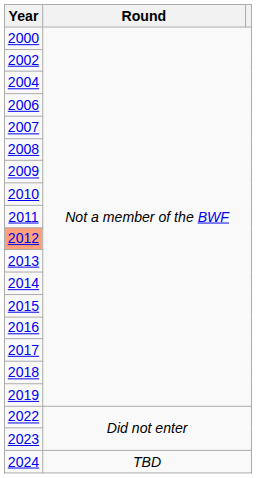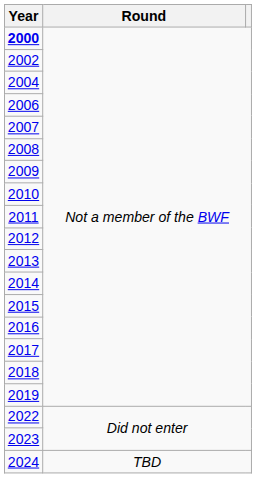 <table class="wikitable" style="text-align: center; font-size:90%">
 <tr>
 <th>Year</th>
 <th style="width:200px">Round</th>
 <th></th>
 </tr>
 <tr>
-<td><a href='#'>2000</a></td>
+<td><strong><a href='#'>2000</a></strong></td>
 <td colspan="2" rowspan="17"><em>Not a member of the <a href='#'>BWF</a></em></td>
 </tr>
 <tr>
 <td><a href='#'>2002</a></td>
 </tr>
 <tr>
 <td><a href='#'>2004</a></td>
 </tr>
 <tr>
 <td><a href='#'>2006</a></td>
 </tr>
 <tr>
 <td><a href='#'>2007</a></td>
 </tr>
 <tr>
 <td><a href='#'>2008</a></td>
 </tr>
 <tr>
 <td><a href='#'>2009</a></td>
 </tr>
 <tr>
 <td><a href='#'>2010</a></td>
 </tr>
 <tr>
 <td><a href='#'>2011</a></td>
 </tr>
 <tr>
-<td style="background: lightsalmon;"><a href='#'>2012</a></td>
+<td><a href='#'>2012</a></td>
 </tr>
 <tr>
 <td><a href='#'>2013</a></td>
 </tr>
 <tr>
 <td><a href='#'>2014</a></td>
 </tr>
 <tr>
 <td><a href='#'>2015</a></td>
 </tr>
 <tr>
 <td><a href='#'>2016</a></td>
 </tr>
 <tr>
 <td><a href='#'>2017</a></td>
 </tr>
 <tr>
 <td><a href='#'>2018</a></td>
 </tr>
 <tr>
 <td><a href='#'>2019</a></td>
 </tr>
 <tr>
 <td><a href='#'>2022</a></td>
 <td colspan="2" rowspan="2"><em>Did not enter</em></td>
 </tr>
 <tr>
 <td><a href='#'>2023</a></td>
 </tr>
 <tr>
 <td><a href='#'>2024</a></td>
 <td colspan="2"><em>TBD</em></td>
 </tr>
 </table>
